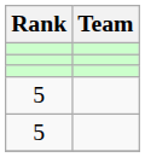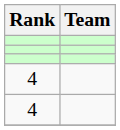 <table class="wikitable">
 <tr>
 <th>Rank</th>
 <th>Team</th>
 </tr>
 <tr bgcolor=#ccffcc>
 <td align=center></td>
 <td></td>
 </tr>
 <tr bgcolor=#ccffcc>
 <td align=center></td>
 <td></td>
 </tr>
 <tr bgcolor=#ccffcc>
 <td align=center></td>
 <td></td>
 </tr>
 <tr>
-<td align=center>5</td>
+<td align=center>4</td>
 <td></td>
 </tr>
 <tr>
-<td align=center>5</td>
+<td align=center>4</td>
 <td></td>
 </tr>
 <tr>
 </tr>
 </table>
